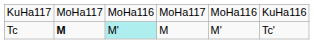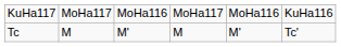 <table class="wikitable">
 <tr>
 <td>KuHa117</td>
 <td>MoHa117</td>
 <td>MoHa116</td>
 <td>MoHa117</td>
 <td>MoHa116</td>
 <td>KuHa116</td>
 </tr>
 <tr>
 <td>Tc</td>
-<td><strong>M</strong></td>
-<td style="background: paleturquoise;">M'</td>
+<td>M</td>
+<td>M'</td>
 <td>M</td>
 <td>M'</td>
 <td>Tc'</td>
 </tr>
 </table>
